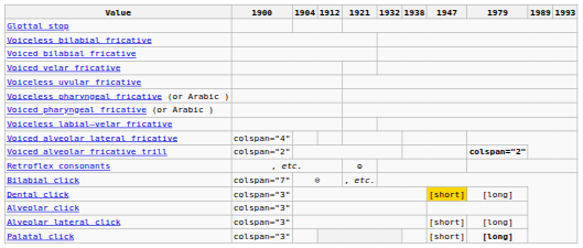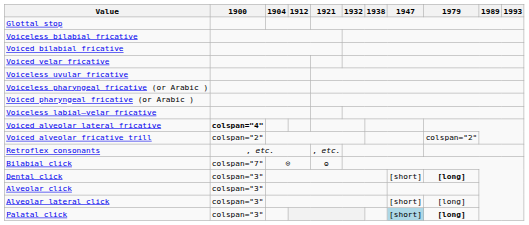 <table class="wikitable" style="text-align: center;">
 <tr>
 <th>Value</th>
 <th>1900</th>
 <th>1904</th>
 <th>1912</th>
 <th>1921</th>
 <th>1932</th>
 <th>1938</th>
 <th>1947</th>
 <th>1979</th>
 <th>1989</th>
 <th>1993</th>
 </tr>
 <tr>
 <td style="text-align: left;"><a href='#'>Glottal stop</a></td>
 <td></td>
 <td colspan="2"></td>
 <td colspan="7"></td>
 </tr>
 <tr>
 <td style="text-align: left;"><a href='#'>Voiceless bilabial fricative</a></td>
 <td colspan="4"></td>
 <td colspan="6"></td>
 </tr>
 <tr>
 <td style="text-align: left;"><a href='#'>Voiced bilabial fricative</a></td>
 <td colspan="4"></td>
 <td colspan="6"></td>
 </tr>
 <tr>
 <td style="text-align: left;"><a href='#'>Voiced velar fricative</a></td>
 <td colspan="3"></td>
 <td></td>
 <td colspan="6"></td>
 </tr>
 <tr>
 <td style="text-align: left;"><a href='#'>Voiceless uvular fricative</a></td>
 <td colspan="3"></td>
 <td colspan="7"></td>
 </tr>
 <tr>
 <td style="text-align: left;"><a href='#'>Voiceless pharyngeal fricative</a> (or Arabic )</td>
 <td colspan="3"></td>
 <td colspan="7"></td>
 </tr>
 <tr>
 <td style="text-align: left;"><a href='#'>Voiced pharyngeal fricative</a> (or Arabic )</td>
 <td colspan="3"></td>
 <td colspan="7"></td>
 </tr>
 <tr>
 <td style="text-align: left;"><a href='#'>Voiceless labial–velar fricative</a></td>
 <td colspan="3"></td>
 <td></td>
 <td colspan="6"></td>
 </tr>
 <tr>
 <td style="text-align: left;"><a href='#'>Voiced alveolar lateral fricative</a></td>
-<td>colspan="4" </td>
+<td><strong>colspan="4" </strong></td>
 <td></td>
 <td></td>
 <td colspan="2"></td>
 <td colspan="2"></td>
 </tr>
 <tr>
 <td style="text-align: left;"><a href='#'>Voiced alveolar fricative trill</a></td>
 <td>colspan="2" </td>
 <td colspan="4"></td>
 <td colspan="2"></td>
-<td><strong>colspan="2" </strong></td>
+<td>colspan="2" </td>
 </tr>
 <tr>
 <td style="text-align: left;"><a href='#'>Retroflex consonants</a></td>
 <td colspan="3">, <em>etc.</em></td>
-<td>ʘ</td>
+<td>, <em>etc.</em></td>
 <td colspan="3"></td>
 <td colspan="3"></td>
 </tr>
 <tr>
 <td style="text-align: left;"><a href='#'>Bilabial click</a></td>
 <td>colspan="7" </td>
 <td colspan="2">⊙</td>
-<td>, <em>etc.</em></td>
+<td>ʘ</td>
 </tr>
 <tr>
 <td style="text-align: left;"><a href='#'>Dental click</a></td>
 <td>colspan="3" </td>
 <td colspan="5"></td>
-<td style="background: gold;"> [short]</td>
-<td> [long]</td>
+<td> [short]</td>
+<td><strong> [long]</strong></td>
 </tr>
 <tr>
 <td style="text-align: left;"><a href='#'>Alveolar click</a></td>
 <td>colspan="3" </td>
 <td colspan="5"></td>
 <td colspan="2"></td>
 </tr>
 <tr>
 <td style="text-align: left;"><a href='#'>Alveolar lateral click</a></td>
 <td>colspan="3" </td>
 <td colspan="5"></td>
 <td> [short]</td>
 <td> [long]</td>
 </tr>
 <tr>
 <td style="text-align: left;"><a href='#'>Palatal click</a></td>
 <td>colspan="3" </td>
 <td colspan="1"></td>
 <th colspan="3"></th>
 <td></td>
-<td> [short]</td>
+<td style="background: lightblue;"> [short]</td>
 <td><strong> [long]</strong></td>
 </tr>
 </table>
